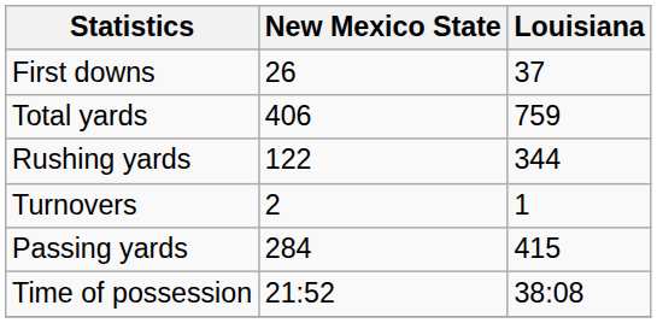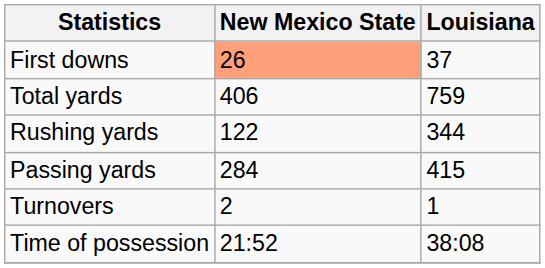 <table class="wikitable">
 <tr>
 <th>Statistics</th>
 <th>New Mexico State</th>
 <th>Louisiana</th>
 </tr>
 <tr>
 <td>First downs</td>
-<td>26</td>
+<td style="background: lightsalmon;">26</td>
 <td>37</td>
 </tr>
 <tr>
 <td>Total yards</td>
 <td>406</td>
 <td>759</td>
 </tr>
 <tr>
 <td>Rushing yards</td>
 <td>122</td>
 <td>344</td>
 </tr>
 <tr>
+<td>Passing yards</td>
+<td>284</td>
+<td>415</td>
+</tr>
+<tr>
 <td>Turnovers</td>
 <td>2</td>
 <td>1</td>
-</tr>
-<tr>
-<td>Passing yards</td>
-<td>284</td>
-<td>415</td>
 </tr>
 <tr>
 <td>Time of possession</td>
 <td>21:52</td>
 <td>38:08</td>
 </tr>
 <tr>
 </tr>
 </table>
